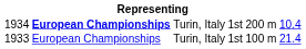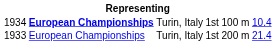 <table>
 <tr>
 <th colspan="6">Representing </th>
 </tr>
 <tr>
 <td>1934</td>
 <td><strong><a href='#'>European Championships</a></strong></td>
 <td>Turin, Italy</td>
 <td>1st</td>
-<td>200 m</td>
+<td>100 m</td>
 <td><a href='#'>10.4</a></td>
 </tr>
 <tr>
 <td>1933</td>
 <td><a href='#'>European Championships</a></td>
 <td>Turin, Italy</td>
 <td>1st</td>
-<td>100 m</td>
+<td>200 m</td>
 <td><a href='#'>21.4</a></td>
 </tr>
 </table>
